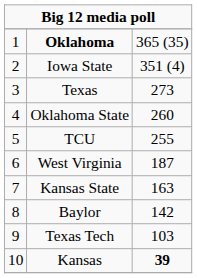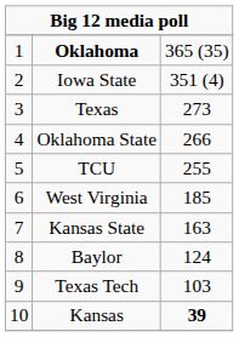 <table class="wikitable" style="display: inline-table;">
 <tr>
 <td align="center" Colspan="3"><strong>Big 12 media poll</strong></td>
 </tr>
 <tr align="center">
 </tr>
 <tr align="center">
 <td>1</td>
 <td><strong>Oklahoma</strong></td>
 <td>365 (35)</td>
 </tr>
 <tr align="center">
 <td>2</td>
 <td>Iowa State</td>
 <td>351 (4)</td>
 </tr>
 <tr align="center">
 <td>3</td>
 <td>Texas</td>
 <td>273</td>
 </tr>
 <tr align="center">
 <td>4</td>
 <td>Oklahoma State</td>
-<td>260</td>
+<td>266</td>
 </tr>
 <tr align="center">
 <td>5</td>
 <td>TCU</td>
 <td>255</td>
 </tr>
 <tr align="center">
 <td>6</td>
 <td>West Virginia</td>
-<td>187</td>
+<td>185</td>
 </tr>
 <tr align="center">
 <td>7</td>
 <td>Kansas State</td>
 <td>163</td>
 </tr>
 <tr align="center">
 <td>8</td>
 <td>Baylor</td>
-<td>142</td>
+<td>124</td>
 </tr>
 <tr align="center">
 <td>9</td>
 <td>Texas Tech</td>
 <td>103</td>
 </tr>
 <tr align="center">
 <td>10</td>
 <td>Kansas</td>
 <td><strong>39</strong></td>
 </tr>
 <tr>
 </tr>
 </table>
